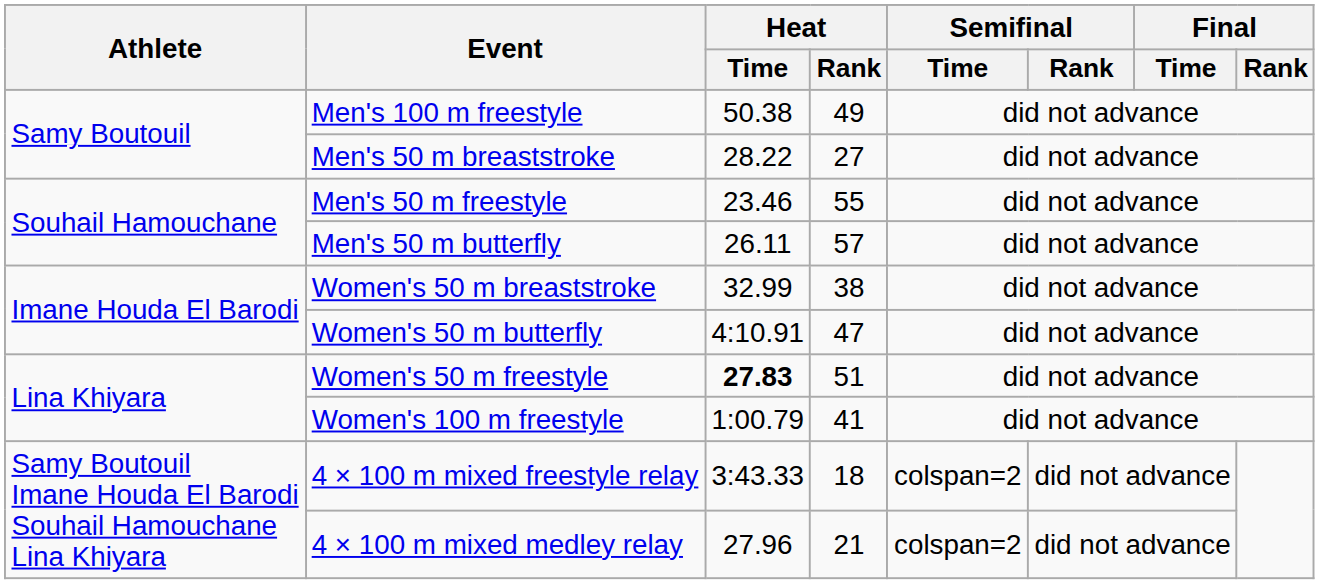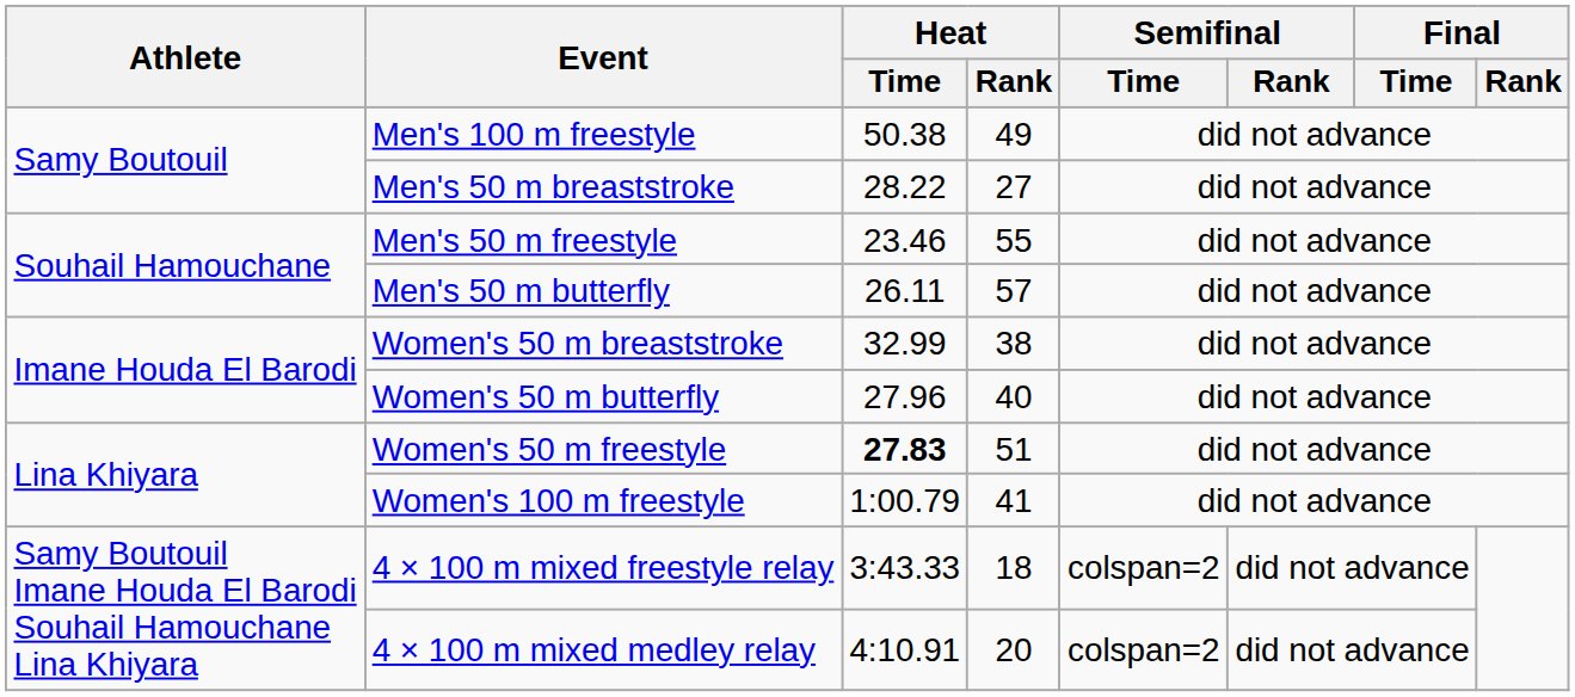 <table class=wikitable style="font-size:90%">
 <tr>
 <th rowspan="2">Athlete</th>
 <th rowspan="2">Event</th>
 <th colspan="2">Heat</th>
 <th colspan="2">Semifinal</th>
 <th colspan="2">Final</th>
 </tr>
 <tr style="font-size:95%">
 <th>Time</th>
 <th>Rank</th>
 <th>Time</th>
 <th>Rank</th>
 <th>Time</th>
 <th>Rank</th>
 </tr>
 <tr align=center>
 <td align=left rowspan=2><a href='#'>Samy Boutouil</a></td>
 <td align=left><a href='#'>Men's 100 m freestyle</a></td>
 <td>50.38</td>
 <td>49</td>
 <td colspan=4>did not advance</td>
 </tr>
 <tr align=center>
 <td align=left><a href='#'>Men's 50 m breaststroke</a></td>
 <td>28.22</td>
 <td>27</td>
 <td colspan=4>did not advance</td>
 </tr>
 <tr align=center>
 <td align=left rowspan=2><a href='#'>Souhail Hamouchane</a></td>
 <td align=left><a href='#'>Men's 50 m freestyle</a></td>
 <td>23.46</td>
 <td>55</td>
 <td colspan=4>did not advance</td>
 </tr>
 <tr align=center>
 <td align=left><a href='#'>Men's 50 m butterfly</a></td>
 <td>26.11</td>
 <td>57</td>
 <td colspan=4>did not advance</td>
 </tr>
 <tr align=center>
 <td align=left rowspan=2><a href='#'>Imane Houda El Barodi</a></td>
 <td align=left><a href='#'>Women's 50 m breaststroke</a></td>
 <td>32.99</td>
 <td>38</td>
 <td colspan=4>did not advance</td>
 </tr>
 <tr align=center>
 <td align=left><a href='#'>Women's 50 m butterfly</a></td>
-<td>4:10.91</td>
-<td>47</td>
+<td>27.96</td>
+<td>40</td>
 <td colspan=4>did not advance</td>
 </tr>
 <tr align=center>
 <td align=left rowspan=2><a href='#'>Lina Khiyara</a></td>
 <td align=left><a href='#'>Women's 50 m freestyle</a></td>
 <td><strong>27.83</strong></td>
 <td>51</td>
 <td colspan=4>did not advance</td>
 </tr>
 <tr align=center>
 <td align=left><a href='#'>Women's 100 m freestyle</a></td>
 <td>1:00.79</td>
 <td>41</td>
 <td colspan=4>did not advance</td>
 </tr>
 <tr align=center>
 <td align=left rowspan=2><a href='#'>Samy Boutouil</a><br><a href='#'>Imane Houda El Barodi</a><br><a href='#'>Souhail Hamouchane</a><br><a href='#'>Lina Khiyara</a></td>
 <td align=left><a href='#'>4 × 100 m mixed freestyle relay</a></td>
 <td>3:43.33</td>
 <td>18</td>
 <td>colspan=2</td>
 <td colspan=2>did not advance</td>
 </tr>
 <tr align=center>
 <td align=left><a href='#'>4 × 100 m mixed medley relay</a></td>
-<td>27.96</td>
-<td>21</td>
+<td>4:10.91</td>
+<td>20</td>
 <td>colspan=2</td>
 <td colspan=2>did not advance</td>
 </tr>
 </table>
